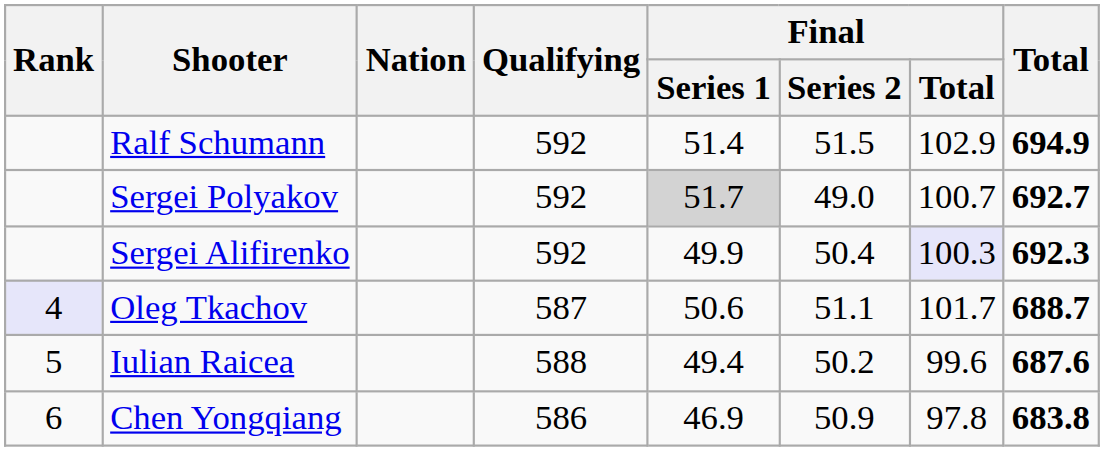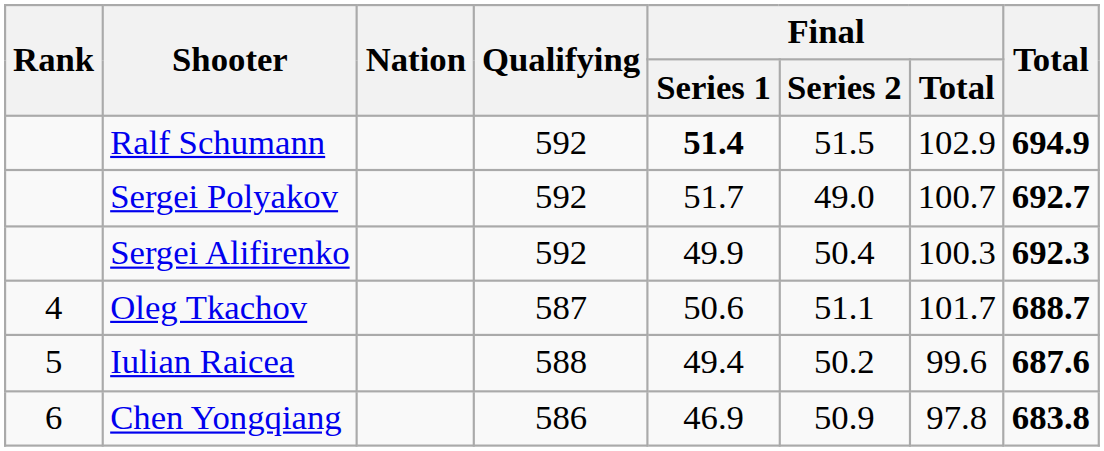 <table class="wikitable sortable" style="text-align: center">
 <tr>
 <th rowspan=2>Rank</th>
 <th rowspan=2>Shooter</th>
 <th rowspan=2>Nation</th>
 <th rowspan=2>Qualifying</th>
 <th colspan=3>Final</th>
 <th rowspan=2>Total</th>
 </tr>
 <tr>
 <th>Series 1</th>
 <th>Series 2</th>
 <th>Total</th>
 </tr>
 <tr>
 <td></td>
 <td align=left><a href='#'>Ralf Schumann</a></td>
 <td align=left></td>
 <td>592</td>
-<td>51.4</td>
+<td><strong>51.4</strong></td>
 <td>51.5</td>
 <td>102.9</td>
 <td><strong>694.9</strong></td>
 </tr>
 <tr>
 <td></td>
 <td align=left><a href='#'>Sergei Polyakov</a></td>
 <td align=left></td>
 <td>592</td>
-<td style="background: lightgrey;">51.7</td>
+<td>51.7</td>
 <td>49.0</td>
 <td>100.7</td>
 <td><strong>692.7</strong></td>
 </tr>
 <tr>
 <td></td>
 <td align=left><a href='#'>Sergei Alifirenko</a></td>
 <td align=left></td>
 <td>592</td>
 <td>49.9</td>
 <td>50.4</td>
-<td style="background: lavender;">100.3</td>
+<td>100.3</td>
 <td><strong>692.3</strong></td>
 </tr>
 <tr>
-<td style="background: lavender;">4</td>
+<td>4</td>
 <td align=left><a href='#'>Oleg Tkachov</a></td>
 <td align=left></td>
 <td>587</td>
 <td>50.6</td>
 <td>51.1</td>
 <td>101.7</td>
 <td><strong>688.7</strong></td>
 </tr>
 <tr>
 <td>5</td>
 <td align=left><a href='#'>Iulian Raicea</a></td>
 <td align=left></td>
 <td>588</td>
 <td>49.4</td>
 <td>50.2</td>
 <td>99.6</td>
 <td><strong>687.6</strong></td>
 </tr>
 <tr>
 <td>6</td>
 <td align=left><a href='#'>Chen Yongqiang</a></td>
 <td align=left></td>
 <td>586</td>
 <td>46.9</td>
 <td>50.9</td>
 <td>97.8</td>
 <td><strong>683.8</strong></td>
 </tr>
 </table>
